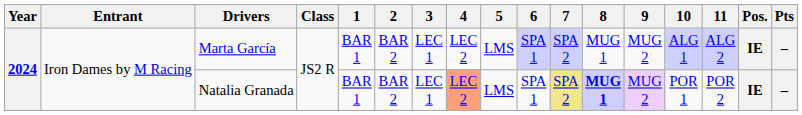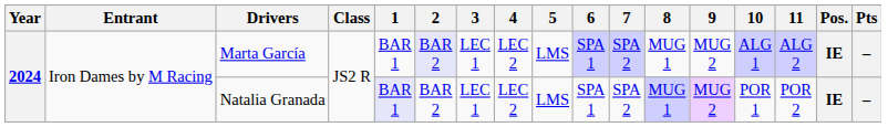 <table class="wikitable" style="text-align:center; font-size:85%">
 <tr>
 <th>Year</th>
 <th>Entrant</th>
 <th>Drivers</th>
 <th>Class</th>
 <th>1</th>
 <th>2</th>
 <th>3</th>
 <th>4</th>
 <th>5</th>
 <th>6</th>
 <th>7</th>
 <th>8</th>
 <th>9</th>
 <th>10</th>
 <th>11</th>
 <th>Pos.</th>
 <th>Pts</th>
 </tr>
 <tr>
 <th rowspan=2><a href='#'>2024</a></th>
 <td rowspan=2 align=left nowrap> Iron Dames by <a href='#'>M Racing</a></td>
 <td align=left> <a href='#'>Marta García</a></td>
 <td rowspan=2 nowrap>JS2 R</td>
 <td><a href='#'>BAR<br>1</a></td>
-<td><a href='#'>BAR<br>2</a></td>
+<td style="background: lavender;"><a href='#'>BAR<br>2</a></td>
 <td><a href='#'>LEC<br>1</a></td>
 <td><a href='#'>LEC<br>2</a></td>
 <td><a href='#'>LMS</a></td>
 <td style="background:#cfcfff"><a href='#'>SPA<br>1</a><br></td>
 <td style="background:#cfcfff"><a href='#'>SPA<br>2</a><br></td>
 <td><a href='#'>MUG<br>1</a></td>
 <td><a href='#'>MUG<br>2</a></td>
 <td style="background:#cfcfff"><a href='#'>ALG<br>1</a><br></td>
 <td style="background:#cfcfff"><a href='#'>ALG<br>2</a><br></td>
 <th>IE</th>
 <th>–</th>
 </tr>
 <tr>
 <td align=left nowrap> Natalia Granada</td>
-<td><a href='#'>BAR<br>1</a></td>
+<td style="background: lavender;"><a href='#'>BAR<br>1</a></td>
 <td><a href='#'>BAR<br>2</a></td>
 <td><a href='#'>LEC<br>1</a></td>
-<td style="background: lightsalmon;"><a href='#'>LEC<br>2</a></td>
+<td><a href='#'>LEC<br>2</a></td>
 <td><a href='#'>LMS</a></td>
 <td><a href='#'>SPA<br>1</a></td>
-<td style="background: khaki;"><a href='#'>SPA<br>2</a></td>
-<td style="background:#cfcfff"><strong><a href='#'>MUG<br>1</a><br></strong></td>
+<td><a href='#'>SPA<br>2</a></td>
+<td style="background:#cfcfff"><a href='#'>MUG<br>1</a><br></td>
 <td style="background:#efcfff"><a href='#'>MUG<br>2</a><br></td>
 <td><a href='#'>POR<br>1</a></td>
 <td><a href='#'>POR<br>2</a></td>
 <th>IE</th>
 <th>–</th>
 </tr>
 </table>
